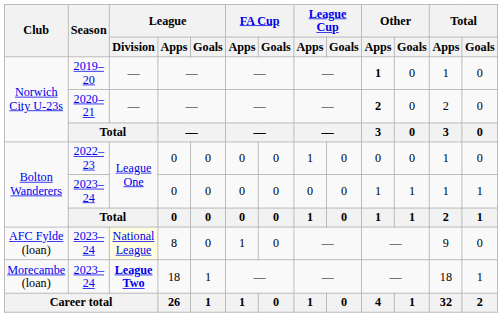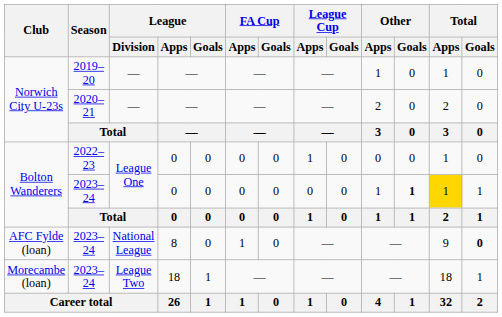 <table class="wikitable" style="text-align: center">
 <tr>
 <th rowspan="2">Club</th>
 <th rowspan="2">Season</th>
 <th colspan="3">League</th>
 <th colspan="2"><a href='#'>FA Cup</a></th>
 <th colspan="2"><a href='#'>League Cup</a></th>
 <th colspan="2">Other</th>
 <th colspan="2">Total</th>
 </tr>
 <tr>
 <th>Division</th>
 <th>Apps</th>
 <th>Goals</th>
 <th>Apps</th>
 <th>Goals</th>
 <th>Apps</th>
 <th>Goals</th>
 <th>Apps</th>
 <th>Goals</th>
 <th>Apps</th>
 <th>Goals</th>
 </tr>
 <tr>
 <td rowspan="3"><a href='#'>Norwich City U-23s</a></td>
 <td><a href='#'>2019–20</a></td>
 <td>—</td>
 <td colspan="2">—</td>
 <td colspan="2">—</td>
 <td colspan="2">—</td>
-<td><strong>1</strong></td>
+<td>1</td>
 <td>0</td>
 <td>1</td>
 <td>0</td>
 </tr>
 <tr>
 <td><a href='#'>2020–21</a></td>
 <td>—</td>
 <td colspan="2">—</td>
 <td colspan="2">—</td>
 <td colspan="2">—</td>
-<td><strong>2</strong></td>
+<td>2</td>
 <td>0</td>
 <td>2</td>
 <td>0</td>
 </tr>
 <tr>
 <th colspan="2">Total</th>
 <th colspan="2">—</th>
 <th colspan="2">—</th>
 <th colspan="2">—</th>
 <th>3</th>
 <th>0</th>
 <th>3</th>
 <th>0</th>
 </tr>
 <tr>
 <td rowspan="3"><a href='#'>Bolton Wanderers</a></td>
 <td><a href='#'>2022–23</a></td>
 <td rowspan="2"><a href='#'>League One</a></td>
 <td>0</td>
 <td>0</td>
 <td>0</td>
 <td>0</td>
 <td>1</td>
 <td>0</td>
 <td>0</td>
 <td>0</td>
 <td>1</td>
 <td>0</td>
 </tr>
 <tr>
 <td><a href='#'>2023–24</a></td>
 <td>0</td>
 <td>0</td>
 <td>0</td>
 <td>0</td>
 <td>0</td>
 <td>0</td>
 <td>1</td>
-<td>1</td>
-<td>1</td>
+<td><strong>1</strong></td>
+<td style="background: gold;">1</td>
 <td>1</td>
 </tr>
 <tr>
 <th colspan="2">Total</th>
 <th>0</th>
 <th>0</th>
 <th>0</th>
 <th>0</th>
 <th>1</th>
 <th>0</th>
 <th>1</th>
 <th>1</th>
 <th>2</th>
 <th>1</th>
 </tr>
 <tr>
 <td><a href='#'>AFC Fylde</a> (loan)</td>
 <td><a href='#'>2023–24</a></td>
-<td style="background: lightyellow;"><a href='#'>National League</a></td>
+<td><a href='#'>National League</a></td>
 <td>8</td>
 <td>0</td>
 <td>1</td>
 <td>0</td>
 <td colspan=2>—</td>
 <td colspan=2>—</td>
 <td>9</td>
-<td>0</td>
+<td><strong>0</strong></td>
 </tr>
 <tr>
 <td><a href='#'>Morecambe</a> (loan)</td>
 <td><a href='#'>2023–24</a></td>
-<td><strong><a href='#'>League Two</a></strong></td>
+<td><a href='#'>League Two</a></td>
 <td>18</td>
 <td>1</td>
 <td colspan=2>—</td>
 <td colspan=2>—</td>
 <td colspan=2>—</td>
 <td>18</td>
 <td>1</td>
 </tr>
 <tr>
 <th colspan="3">Career total</th>
 <th>26</th>
 <th>1</th>
 <th>1</th>
 <th>0</th>
 <th>1</th>
 <th>0</th>
 <th>4</th>
 <th>1</th>
 <th>32</th>
 <th>2</th>
 </tr>
 </table>
